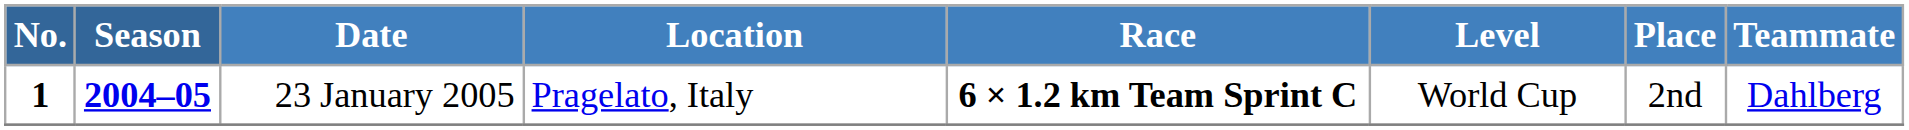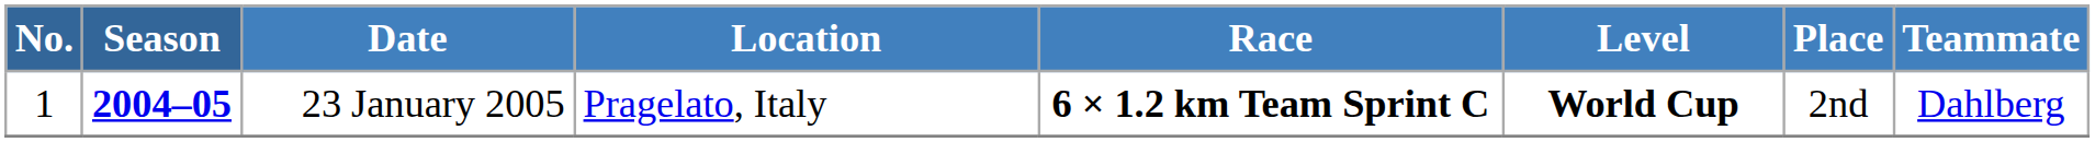 <table class="wikitable sortable" style="font-size:95%; text-align:center; border:grey solid 1px; border-collapse:collapse; background:#ffffff;">
 <tr style="background:#efefef;">
 <th style="background-color:#369; color:white;">No.</th>
 <th style="background-color:#369; color:white;">Season</th>
 <th style="background-color:#4180be; color:white; width:120px;">Date</th>
 <th style="background-color:#4180be; color:white; width:170px;">Location</th>
 <th style="background-color:#4180be; color:white; width:170px;">Race</th>
 <th style="background-color:#4180be; color:white; width:100px;">Level</th>
 <th style="background-color:#4180be; color:white;">Place</th>
 <th style="background-color:#4180be; color:white;">Teammate</th>
 </tr>
 <tr>
-<td align=center><strong>1</strong></td>
+<td align=center>1</td>
 <td rowspan=1 align=center><strong><a href='#'>2004–05</a></strong></td>
 <td align=right>23 January 2005</td>
 <td align=left> <a href='#'>Pragelato</a>, Italy</td>
 <td><strong>6 × 1.2 km Team Sprint C</strong></td>
-<td>World Cup</td>
+<td><strong>World Cup</strong></td>
 <td>2nd</td>
 <td><a href='#'>Dahlberg</a></td>
 </tr>
 <tr>
 </tr>
 </table>
